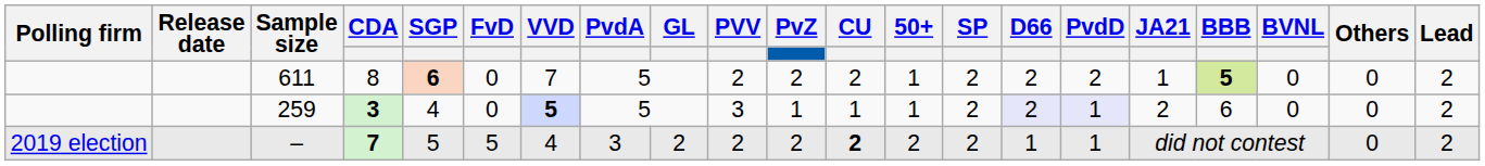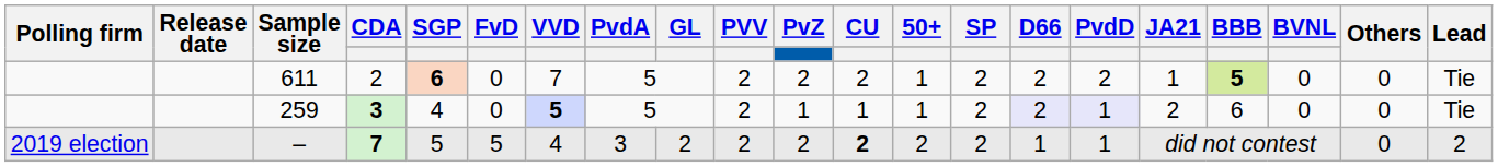 <table class="wikitable sortable tpl-blanktable" style="text-align:center;font-size:90%;line-height:14px;">
 <tr>
 <th rowspan="2">Polling firm</th>
 <th rowspan="2">Release<br>date</th>
 <th rowspan="2">Sample<br>size</th>
 <th class="unsortable" style="width:30px;"><a href='#'>CDA</a></th>
 <th class="unsortable" style="width:30px;"><a href='#'>SGP</a></th>
 <th class="unsortable" style="width:30px;"><a href='#'>FvD</a></th>
 <th class="unsortable" style="width:30px;"><a href='#'>VVD</a></th>
 <th class="unsortable" style="width:30px;"><a href='#'>PvdA</a></th>
 <th class="unsortable" style="width:30px;"><a href='#'>GL</a></th>
 <th class="unsortable" style="width:30px;"><a href='#'>PVV</a></th>
 <th class="unsortable" style="width:30px;"><a href='#'>PvZ</a></th>
 <th class="unsortable" style="width:30px;"><a href='#'>CU</a></th>
 <th class="unsortable" style="width:30px;"><a href='#'>50+</a></th>
 <th class="unsortable" style="width:30px;"><a href='#'>SP</a></th>
 <th class="unsortable" style="width:30px;"><a href='#'>D66</a></th>
 <th class="unsortable" style="width:30px;"><a href='#'>PvdD</a></th>
 <th class="unsortable" style="width:30px;"><a href='#'>JA21</a></th>
 <th class="unsortable" style="width:30px;"><a href='#'>BBB</a></th>
 <th class="unsortable" style="width:30px;"><a href='#'>BVNL</a></th>
 <th class="unsortable" style="width:30px;" rowspan="2">Others</th>
 <th rowspan="2">Lead</th>
 </tr>
 <tr>
 <th data-sort-type="number" style="background:"></th>
 <th data-sort-type="number" style="background:"></th>
 <th data-sort-type="number" style="background:"></th>
 <th data-sort-type="number" style="background:"></th>
 <th data-sort-type="number" style="background:"></th>
 <th data-sort-type="number" style="background:"></th>
 <th data-sort-type="number" style="background:"></th>
 <th data-sort-type="number" style="background:#005caa;"></th>
 <th data-sort-type="number" style="background:"></th>
 <th data-sort-type="number" style="background:"></th>
 <th data-sort-type="number" style="background:"></th>
 <th data-sort-type="number" style="background:"></th>
 <th data-sort-type="number" style="background:"></th>
 <th data-sort-type="number" style="background:"></th>
 <th data-sort-type="number" style="background:"></th>
 <th data-sort-type="number" style="background:"></th>
 </tr>
 <tr>
 <td></td>
 <td></td>
 <td>611</td>
-<td>8</td>
+<td>2</td>
 <td style="background:#fad6c2;"><strong>6</strong></td>
 <td>0</td>
 <td>7</td>
 <td colspan="2">5</td>
 <td>2</td>
 <td>2</td>
 <td>2</td>
 <td>1</td>
 <td>2</td>
 <td>2</td>
 <td>2</td>
 <td>1</td>
 <td style="background:#d3ea9e;"><strong>5</strong></td>
 <td>0</td>
 <td>0</td>
-<td style="background:">2</td>
+<td>Tie</td>
 </tr>
 <tr>
 <td></td>
 <td></td>
 <td>259</td>
 <td style="background:#D3F2D0;"><strong>3</strong></td>
 <td>4</td>
 <td>0</td>
 <td style="background:#CED7FD;"><strong>5</strong></td>
 <td colspan="2">5</td>
-<td>3</td>
+<td>2</td>
 <td>1</td>
 <td>1</td>
 <td>1</td>
 <td>2</td>
 <td style="background: lavender;">2</td>
 <td style="background: lavender;">1</td>
 <td>2</td>
 <td>6</td>
 <td>0</td>
 <td>0</td>
-<td style="background:">2</td>
+<td>Tie</td>
 </tr>
 <tr style="background:#E9E9E9;">
 <td><a href='#'>2019 election</a></td>
 <td></td>
 <td>–</td>
 <td style="background:#D3F2D0;"><strong>7</strong></td>
 <td>5</td>
 <td>5</td>
 <td>4</td>
 <td>3</td>
 <td>2</td>
 <td>2</td>
 <td>2</td>
 <td><strong>2</strong></td>
 <td>2</td>
 <td>2</td>
 <td>1</td>
 <td>1</td>
 <td colspan=3><em>did not contest</em></td>
 <td>0</td>
 <td style="background:">2</td>
 </tr>
 </table>
